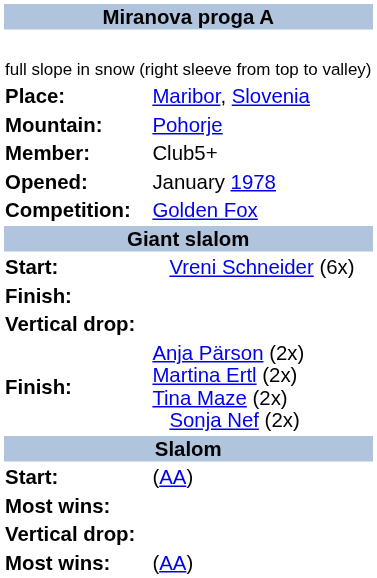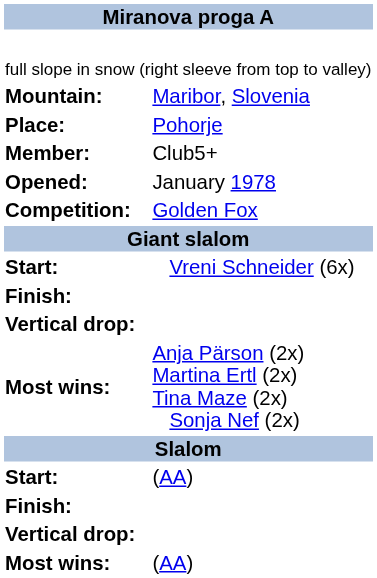 <table border=0 class="toccolours float-right" align="right" style="margin:0 0 0.5em 1em; font-size: 85%;">
 <tr>
 <th bgcolor=#b0c4de colspan=2 align="center">Miranova proga A</th>
 </tr>
 <tr>
 <td align="center" colspan=2><br><small>full slope in snow (right sleeve from top to valley)</small></td>
 </tr>
 <tr>
-<td><strong>Place:</strong></td>
+<td><strong>Mountain:</strong></td>
 <td> <a href='#'>Maribor</a>, <a href='#'>Slovenia</a></td>
 </tr>
 <tr>
-<td><strong>Mountain:</strong></td>
+<td><strong>Place:</strong></td>
 <td><a href='#'>Pohorje</a></td>
 </tr>
 <tr>
 <td><strong>Member:</strong></td>
 <td>Club5+</td>
 </tr>
 <tr>
 <td><strong>Opened:</strong></td>
 <td>January <a href='#'>1978</a></td>
 </tr>
 <tr>
 <td><strong>Competition:</strong></td>
 <td><a href='#'>Golden Fox</a></td>
 </tr>
 <tr>
 <th bgcolor=#b0c4de colspan=2 align="center">Giant slalom</th>
 </tr>
 <tr>
 <td><strong>Start:</strong></td>
 <td>   <a href='#'>Vreni Schneider</a> (6x)</td>
 </tr>
 <tr>
 <td><strong>Finish:</strong></td>
 <td></td>
 </tr>
 <tr>
 <td><strong>Vertical drop:</strong></td>
 <td></td>
 </tr>
 <tr>
-<td><strong>Finish:</strong></td>
+<td><strong>Most wins:</strong></td>
 <td> <a href='#'>Anja Pärson</a> (2x)<br> <a href='#'>Martina Ertl</a> (2x)<br> <a href='#'>Tina Maze</a> (2x)<br>    <a href='#'>Sonja Nef</a> (2x)</td>
 </tr>
 <tr>
 <th bgcolor=#b0c4de colspan=2 align="center">Slalom</th>
 </tr>
 <tr>
 <td><strong>Start:</strong></td>
 <td> (<a href='#'>AA</a>)</td>
 </tr>
 <tr>
-<td><strong>Most wins:</strong></td>
+<td><strong>Finish:</strong></td>
 <td></td>
 </tr>
 <tr>
 <td><strong>Vertical drop:</strong></td>
 <td></td>
 </tr>
 <tr>
 <td><strong>Most wins:</strong></td>
 <td> (<a href='#'>AA</a>)</td>
 </tr>
 </table>
